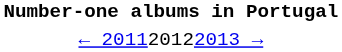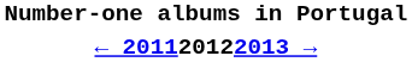 <table class="toc" id="toc" summary="Contents">
 <tr>
 <th>Number-one albums in Portugal</th>
 </tr>
 <tr>
-<td align="center"><a href='#'>← 2011</a>2012<a href='#'>2013 →</a></td>
+<td align="center"><strong><a href='#'>← 2011</a>2012<a href='#'>2013 →</a></strong></td>
 </tr>
 </table>
